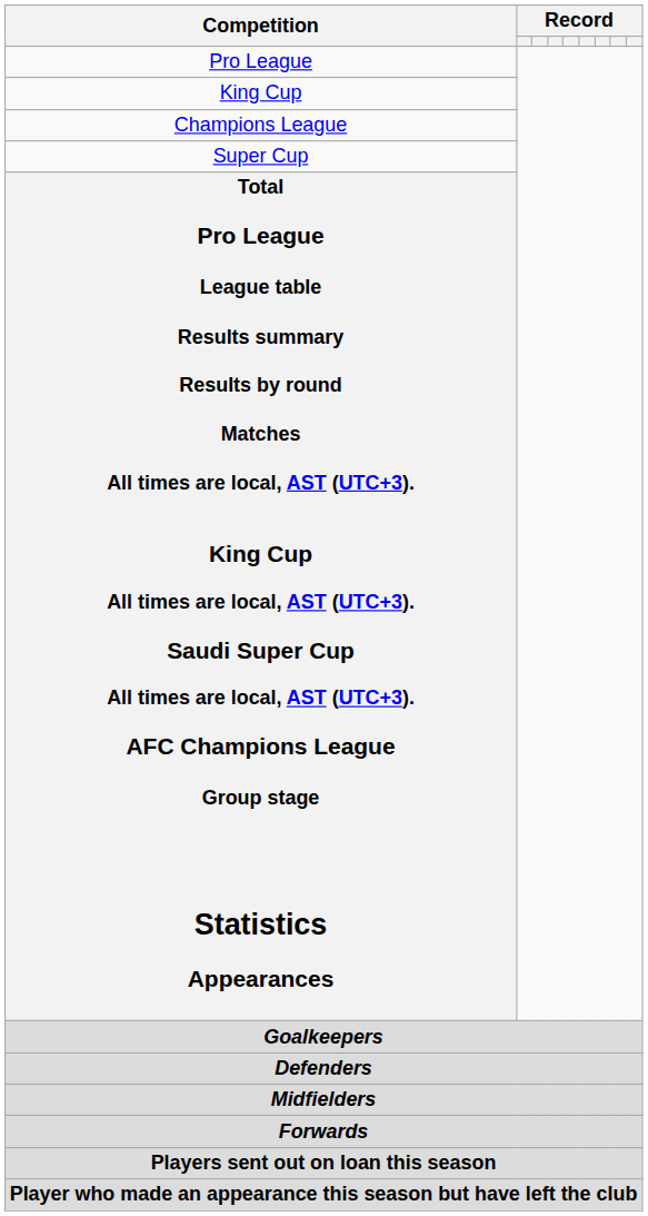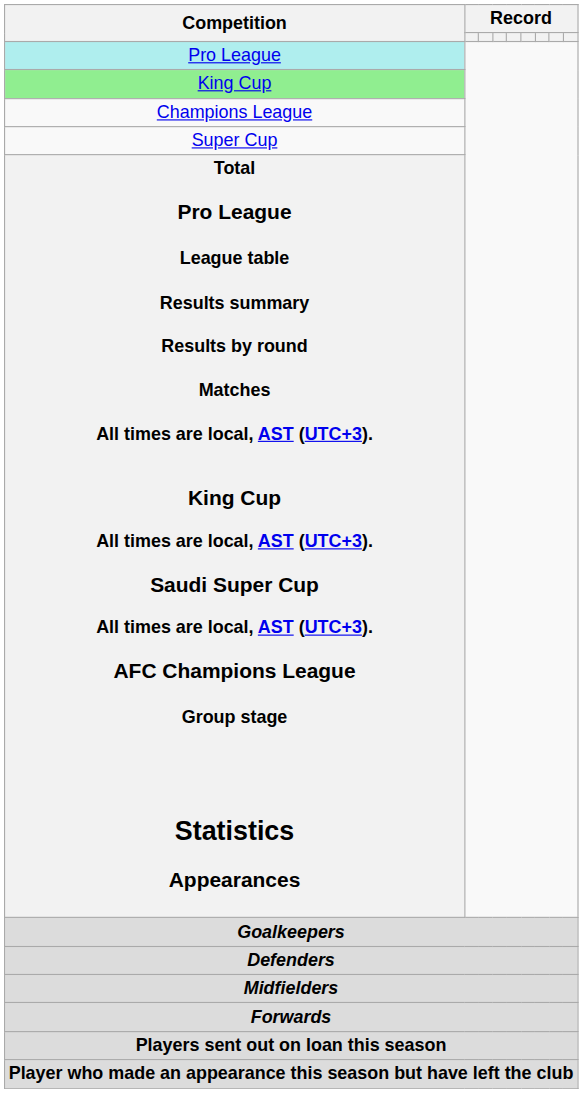 <table class="wikitable" style="text-align: center">
 <tr>
 <th rowspan=2>Competition</th>
 <th colspan=8>Record</th>
 </tr>
 <tr>
 <th></th>
 <th></th>
 <th></th>
 <th></th>
 <th></th>
 <th></th>
 <th></th>
 <th></th>
 </tr>
 <tr>
-<td><a href='#'>Pro League</a><br></td>
+<td style="background: paleturquoise;"><a href='#'>Pro League</a><br></td>
 </tr>
 <tr>
-<td><a href='#'>King Cup</a><br></td>
+<td style="background: lightgreen;"><a href='#'>King Cup</a><br></td>
 </tr>
 <tr>
 <td><a href='#'>Champions League</a><br></td>
 </tr>
 <tr>
 <td><a href='#'>Super Cup</a><br></td>
 </tr>
 <tr>
 <th>Total<br> <h3>Pro League</h3><h4>League table</h4><h4>Results summary</h4> <h4>Results by round</h4><h4>Matches</h4>All times are local, <a href='#'>AST</a> (<a href='#'>UTC+3</a>).<br>   <br>                             <h3>King Cup</h3> All times are local, <a href='#'>AST</a> (<a href='#'>UTC+3</a>).<br><h3>Saudi Super Cup</h3> All times are local, <a href='#'>AST</a> (<a href='#'>UTC+3</a>).<br><h3>AFC Champions League</h3><h4>Group stage</h4><br><br>     <h2>Statistics</h2><h3>Appearances</h3></th>
 </tr>
 <tr>
 <th colspan=14 style=background:#dcdcdc; text-align:center><em>Goalkeepers</em><br>   </th>
 </tr>
 <tr>
 <th colspan=14 style=background:#dcdcdc; text-align:center><em>Defenders</em><br>         </th>
 </tr>
 <tr>
 <th colspan=14 style=background:#dcdcdc; text-align:center><em>Midfielders</em><br>           </th>
 </tr>
 <tr>
 <th colspan=14 style=background:#dcdcdc; text-align:center><em>Forwards</em><br>     </th>
 </tr>
 <tr>
 <th colspan=18 style=background:#dcdcdc; text-align:center>Players sent out on loan this season<br></th>
 </tr>
 <tr>
 <th colspan=14 style=background:#dcdcdc; text-align:center>Player who made an appearance this season but have left the club<br>  </th>
 </tr>
 </table>
